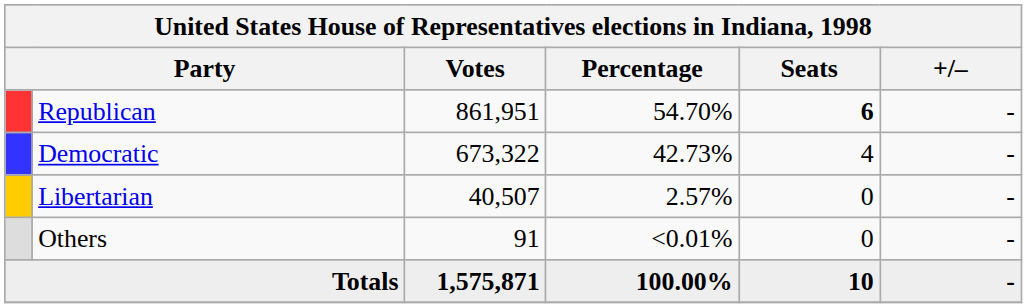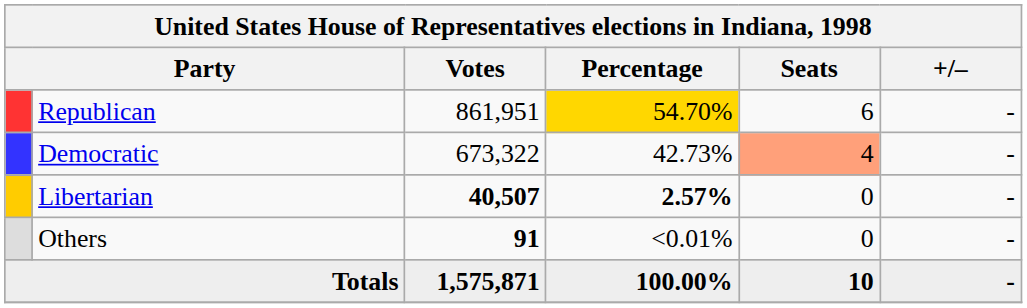 <table class="wikitable" style="font-size: 95%;">
 <tr>
 <th colspan="6">United States House of Representatives elections in Indiana, 1998</th>
 </tr>
 <tr>
 <th colspan=2 style="width: 15em">Party</th>
 <th style="width: 5em">Votes</th>
 <th style="width: 7em">Percentage</th>
 <th style="width: 5em">Seats</th>
 <th style="width: 5em">+/–</th>
 </tr>
 <tr>
 <th style="background-color:#FF3333; width: 3px"></th>
 <td style="width: 130px"><a href='#'>Republican</a></td>
 <td align="right">861,951</td>
-<td align="right">54.70%</td>
-<td align="right"><strong>6</strong></td>
+<td align="right" style="background: gold;">54.70%</td>
+<td align="right">6</td>
 <td align="right">-</td>
 </tr>
 <tr>
 <th style="background-color:#3333FF; width: 3px"></th>
 <td style="width: 130px"><a href='#'>Democratic</a></td>
 <td align="right">673,322</td>
 <td align="right">42.73%</td>
-<td align="right">4</td>
+<td align="right" style="background: lightsalmon;">4</td>
 <td align="right">-</td>
 </tr>
 <tr>
 <th style="background-color:#FFCC00; width: 3px"></th>
 <td style="width: 130px"><a href='#'>Libertarian</a></td>
-<td align="right">40,507</td>
-<td align="right">2.57%</td>
+<td align="right"><strong>40,507</strong></td>
+<td align="right"><strong>2.57%</strong></td>
 <td align="right">0</td>
 <td align="right">-</td>
 </tr>
 <tr>
 <th style="background-color:#DDDDDD; width: 3px"></th>
 <td style="width: 130px">Others</td>
-<td align="right">91</td>
+<td align="right"><strong>91</strong></td>
 <td align="right"><0.01%</td>
 <td align="right">0</td>
 <td align="right">-</td>
 </tr>
 <tr bgcolor="#EEEEEE">
 <td colspan="2" align="right"><strong>Totals</strong></td>
 <td align="right"><strong>1,575,871</strong></td>
 <td align="right"><strong>100.00%</strong></td>
 <td align="right"><strong>10</strong></td>
 <td align="right"><strong>-</strong></td>
 </tr>
 <tr bgcolor="#EEEEEE">
 </tr>
 </table>
